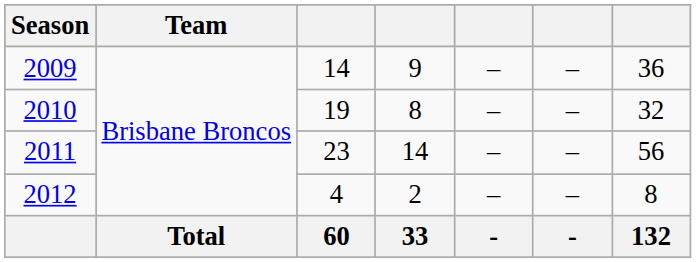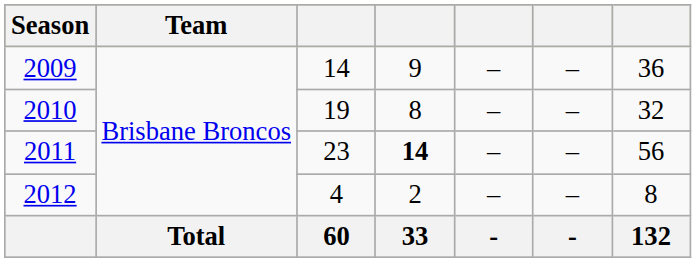 <table class="wikitable" style="text-align:center;">
 <tr style="background:#bdb76b;">
 <th>Season</th>
 <th>Team</th>
 <th style="width:40px;"></th>
 <th style="width:40px;"></th>
 <th style="width:40px;"></th>
 <th style="width:40px;"></th>
 <th style="width:40px;"></th>
 </tr>
 <tr>
 <td><a href='#'>2009</a></td>
 <td rowspan="4"> <a href='#'>Brisbane Broncos</a></td>
 <td>14</td>
 <td>9</td>
 <td>–</td>
 <td>–</td>
 <td>36</td>
 </tr>
 <tr>
 <td><a href='#'>2010</a></td>
 <td>19</td>
 <td>8</td>
 <td>–</td>
 <td>–</td>
 <td>32</td>
 </tr>
 <tr>
 <td><a href='#'>2011</a></td>
 <td>23</td>
-<td>14</td>
+<td><strong>14</strong></td>
 <td>–</td>
 <td>–</td>
 <td>56</td>
 </tr>
 <tr>
 <td><a href='#'>2012</a></td>
 <td>4</td>
 <td>2</td>
 <td>–</td>
 <td>–</td>
 <td>8</td>
 </tr>
 <tr>
 <th></th>
 <th><strong>Total</strong></th>
 <th><strong>60</strong></th>
 <th><strong>33</strong></th>
 <th><strong>-</strong></th>
 <th><strong>-</strong></th>
 <th><strong>132</strong></th>
 </tr>
 </table>
